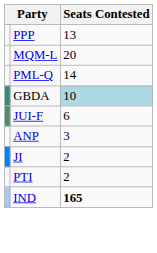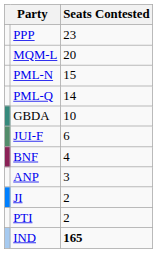 <table class="wikitable">
 <tr>
 <th colspan="2">Party</th>
 <th>Seats Contested</th>
 </tr>
 <tr>
 <td></td>
 <td><a href='#'>PPP</a></td>
-<td>13</td>
+<td>23</td>
 </tr>
 <tr>
 <td></td>
 <td><a href='#'>MQM-L</a></td>
 <td>20</td>
+</tr>
+<tr>
+<td></td>
+<td><a href='#'>PML-N</a></td>
+<td>15</td>
 </tr>
 <tr>
 <td></td>
 <td><a href='#'>PML-Q</a></td>
 <td>14</td>
 </tr>
 <tr>
 <td bgcolor="#368a7c"></td>
 <td>GBDA</td>
-<td style="background: lightblue;">10</td>
+<td>10</td>
 </tr>
 <tr>
 <td bgcolor="#528d6b"></td>
 <td><a href='#'>JUI-F</a></td>
 <td>6</td>
+</tr>
+<tr>
+<td bgcolor="#8b2257"></td>
+<td><a href='#'>BNF</a></td>
+<td>4</td>
 </tr>
 <tr>
 <td></td>
 <td><a href='#'>ANP</a></td>
 <td>3</td>
 </tr>
 <tr>
 <td bgcolor="#0080ff"></td>
 <td><a href='#'>JI</a></td>
 <td>2</td>
 </tr>
 <tr>
 <td></td>
 <td><a href='#'>PTI</a></td>
 <td>2</td>
 </tr>
 <tr>
 <td bgcolor="#a6caf0"></td>
 <td><a href='#'>IND</a></td>
 <td><strong>165</strong></td>
 </tr>
 </table>
